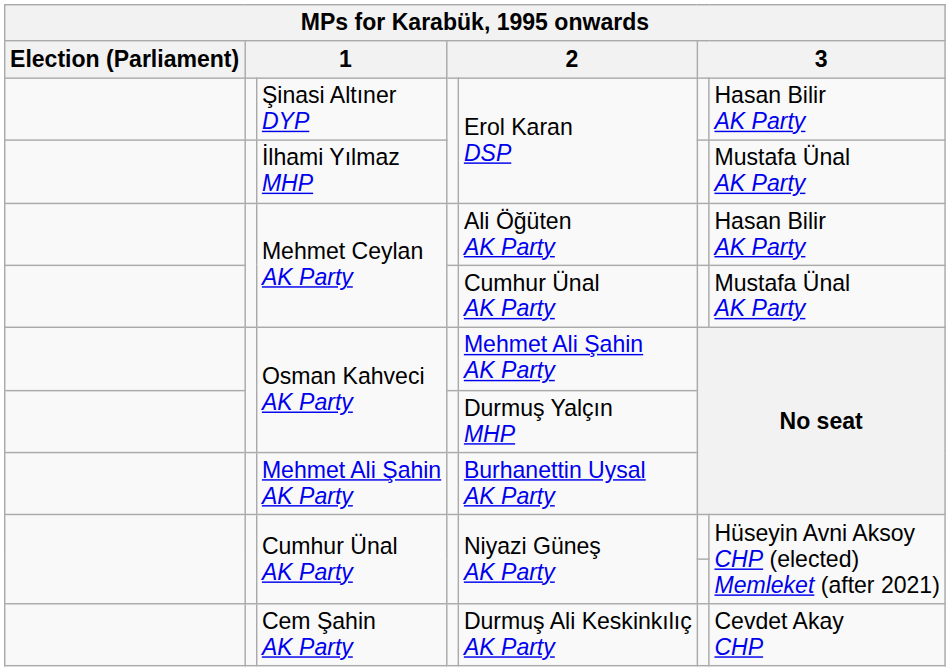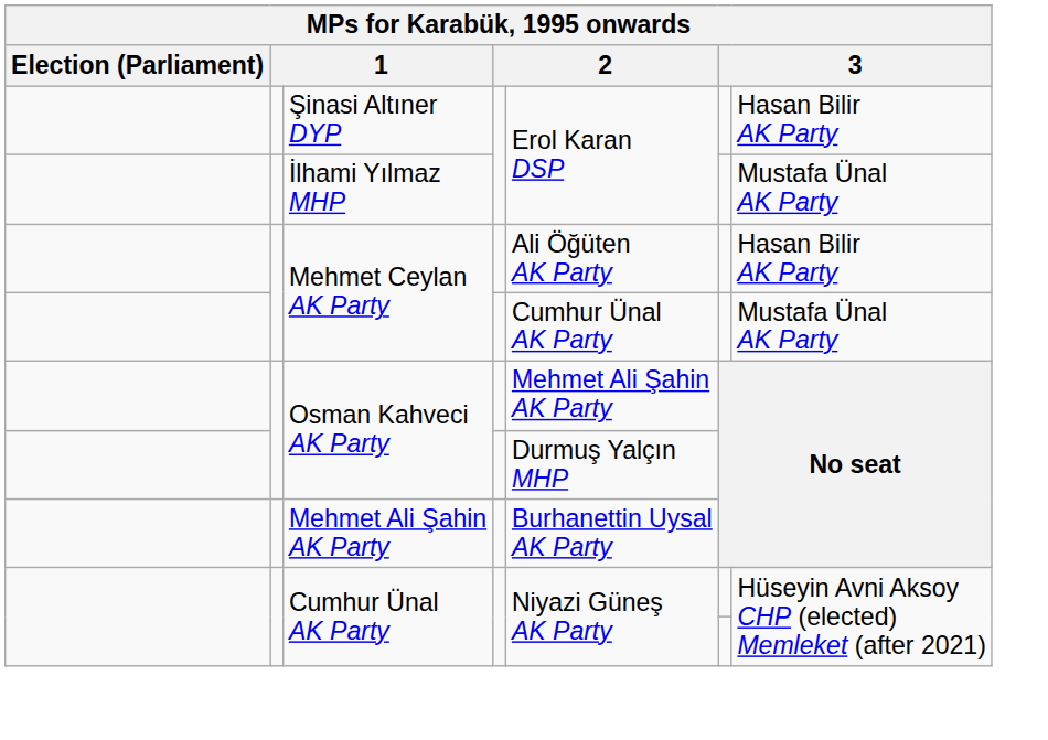 <table class="wikitable">
 <tr>
 <th colspan = 7>MPs for Karabük, 1995 onwards</th>
 </tr>
 <tr>
 <th>Election (Parliament)</th>
 <th colspan = 2>1</th>
 <th colspan = 2>2</th>
 <th colspan = 2>3</th>
 </tr>
 <tr>
 <td></td>
 <td width=1px style="background-color: "></td>
 <td>Şinasi Altıner<br><em><a href='#'>DYP</a></em></td>
 <td rowspan=2 width=1px style="background-color: "></td>
 <td rowspan = 2>Erol Karan<br><em><a href='#'>DSP</a></em></td>
 <td width=1px style="background-color: "></td>
 <td>Hasan Bilir<br><em><a href='#'>AK Party</a></em></td>
 </tr>
 <tr>
 <td></td>
 <td width=1px style="background-color: "></td>
 <td>İlhami Yılmaz<br><em><a href='#'>MHP</a></em></td>
 <td width=1px style="background-color: "></td>
 <td>Mustafa Ünal<br><em><a href='#'>AK Party</a></em></td>
 </tr>
 <tr>
 <td></td>
 <td rowspan=2 width=1px style="background-color: "></td>
 <td rowspan = 2>Mehmet Ceylan<br><em><a href='#'>AK Party</a></em></td>
 <td width=1px style="background-color: "></td>
 <td>Ali Öğüten<br><em><a href='#'>AK Party</a></em></td>
 <td width=1px style="background-color: "></td>
 <td>Hasan Bilir<br><em><a href='#'>AK Party</a></em></td>
 </tr>
 <tr>
 <td></td>
 <td width=1px style="background-color: "></td>
 <td>Cumhur Ünal<br><em><a href='#'>AK Party</a></em></td>
 <td width=1px style="background-color: "></td>
 <td>Mustafa Ünal<br><em><a href='#'>AK Party</a></em></td>
 </tr>
 <tr>
 <td></td>
 <td rowspan=2 width=1px style="background-color: "></td>
 <td rowspan = 2>Osman Kahveci<br><em><a href='#'>AK Party</a></em></td>
 <td width=1px style="background-color: "></td>
 <td><a href='#'>Mehmet Ali Şahin</a><br><em><a href='#'>AK Party</a></em></td>
 <th rowspan = 3 colspan = 2>No seat</th>
 </tr>
 <tr>
 <td></td>
 <td width=1px style="background-color: "></td>
 <td>Durmuş Yalçın<br><em><a href='#'>MHP</a></em></td>
 </tr>
 <tr>
 <td></td>
 <td width=1px style="background-color: "></td>
 <td><a href='#'>Mehmet Ali Şahin</a><br><em><a href='#'>AK Party</a></em></td>
 <td width=1px style="background-color: "></td>
 <td><a href='#'>Burhanettin Uysal</a><br><em><a href='#'>AK Party</a></em></td>
 </tr>
 <tr>
 <td rowspan="2"></td>
 <td rowspan="2" width=1px style="background-color: "></td>
 <td rowspan="2">Cumhur Ünal<br><em><a href='#'>AK Party</a></em></td>
 <td rowspan="2" width=1px style="background-color: "></td>
 <td rowspan="2">Niyazi Güneş<br><em><a href='#'>AK Party</a></em></td>
 <td width=1px style="background-color: "></td>
 <td rowspan="2">Hüseyin Avni Aksoy<br><em><a href='#'>CHP</a></em> (elected)<br><em><a href='#'>Memleket</a></em> (after 2021)</td>
 </tr>
 <tr>
 <td width=1px style="background-color: "></td>
 </tr>
-<tr>
-<td></td>
-<td width=1px style="background-color: "></td>
-<td>Cem Şahin<br><em><a href='#'>AK Party</a></em></td>
-<td width=1px style="background-color: "></td>
-<td>Durmuş Ali Keskinkılıç<br><em><a href='#'>AK Party</a></em></td>
-<td width=1px style="background-color: "></td>
-<td>Cevdet Akay <br><em><a href='#'>CHP</a></em></td>
-</tr>
 </table>
